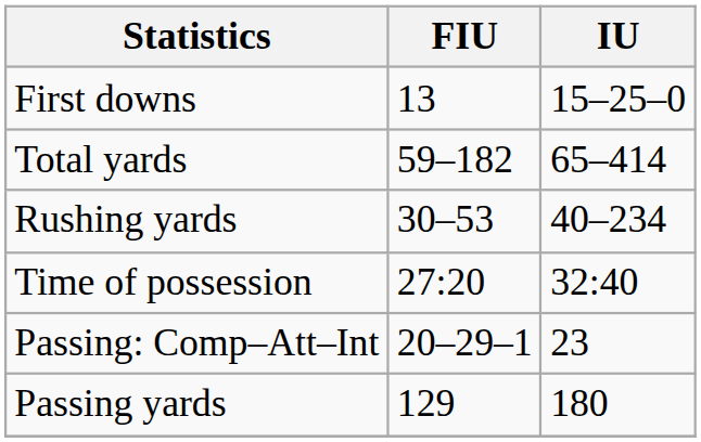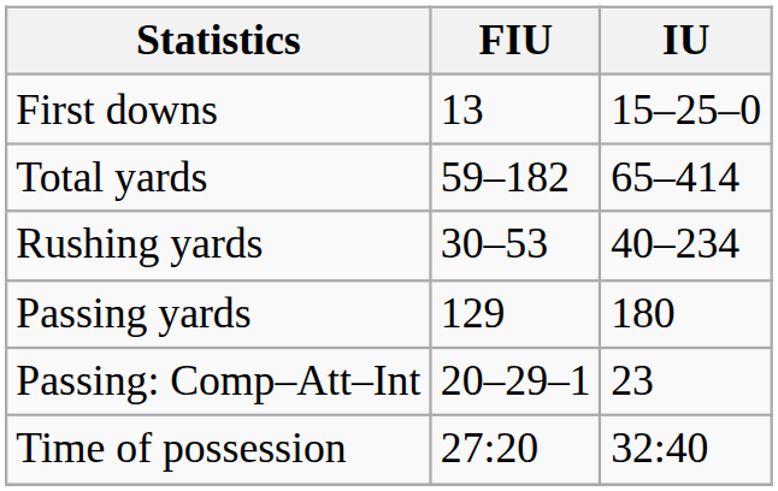 <table class="wikitable" style="float: left;">
 <tr>
 <th>Statistics</th>
 <th>FIU</th>
 <th>IU</th>
 </tr>
 <tr>
 <td>First downs</td>
 <td>13</td>
 <td>15–25–0</td>
 </tr>
 <tr>
 <td>Total yards</td>
 <td>59–182</td>
 <td>65–414</td>
 </tr>
 <tr>
 <td>Rushing yards</td>
 <td>30–53</td>
 <td>40–234</td>
 </tr>
 <tr>
-<td>Time of possession</td>
-<td>27:20</td>
-<td>32:40</td>
+<td>Passing yards</td>
+<td>129</td>
+<td>180</td>
 </tr>
 <tr>
 <td>Passing: Comp–Att–Int</td>
 <td>20–29–1</td>
 <td>23</td>
 </tr>
 <tr>
-<td>Passing yards</td>
-<td>129</td>
-<td>180</td>
+<td>Time of possession</td>
+<td>27:20</td>
+<td>32:40</td>
 </tr>
 <tr>
 </tr>
 </table>
